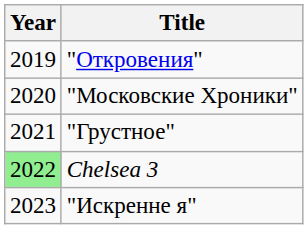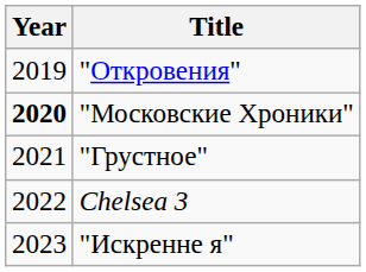 <table class="wikitable">
 <tr>
 <th>Year</th>
 <th>Title</th>
 </tr>
 <tr>
 <td>2019</td>
 <td>"<a href='#'>Откровения</a>"</td>
 </tr>
 <tr>
-<td>2020</td>
+<td><strong>2020</strong></td>
 <td>"Московские Хроники"</td>
 </tr>
 <tr>
 <td>2021</td>
 <td>"Грустное"</td>
 </tr>
 <tr>
-<td style="background: lightgreen;">2022</td>
+<td>2022</td>
 <td><em>Chelsea 3</em></td>
 </tr>
 <tr>
 <td>2023</td>
 <td>"Искренне я"</td>
 </tr>
 </table>
